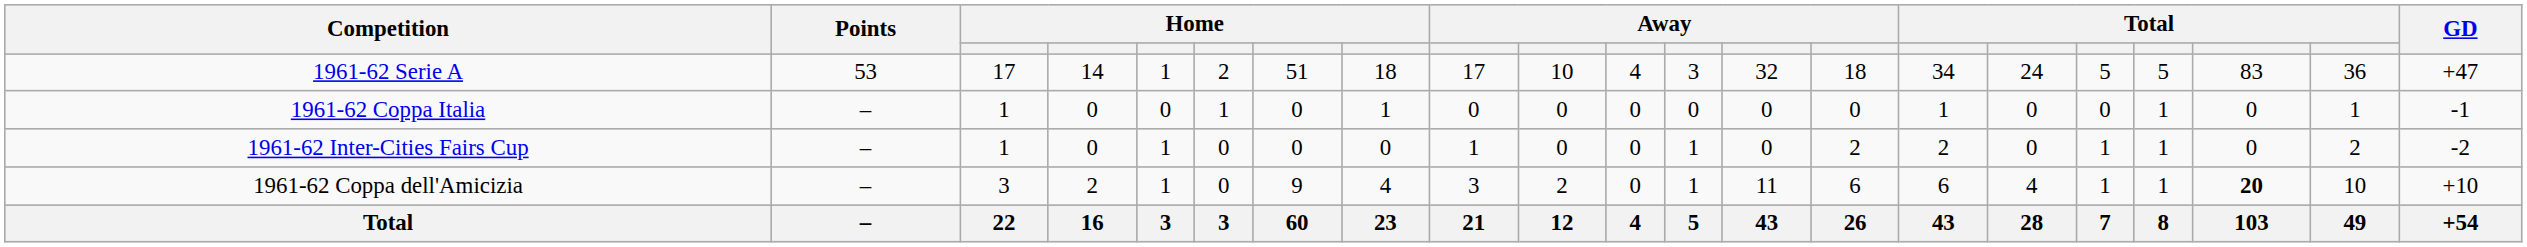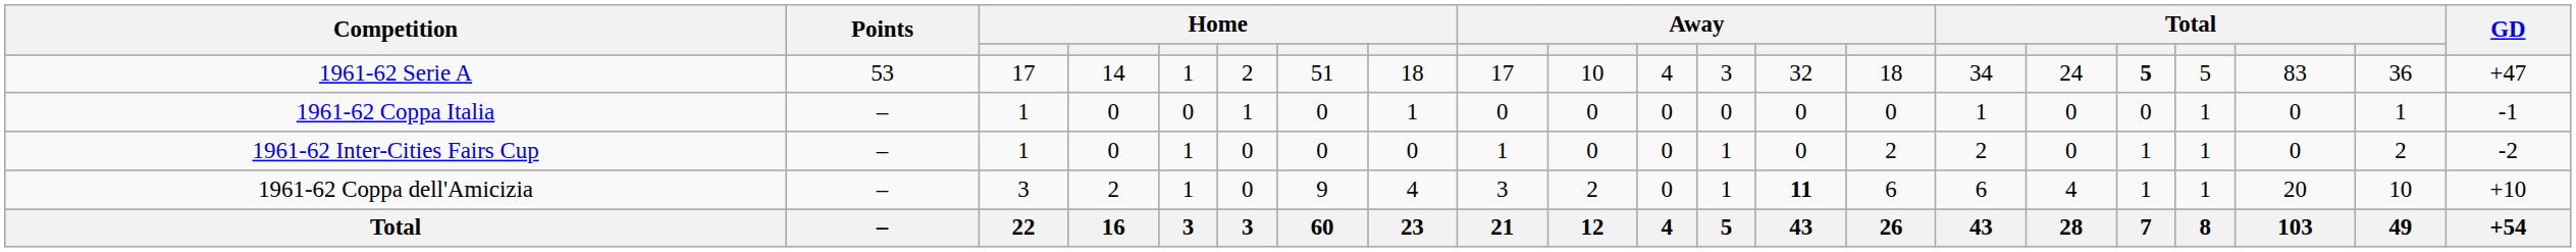 <table class="wikitable" style="font-size:90%;width:100%;margin:auto;clear:both;text-align:center;">
 <tr>
 <th rowspan="2">Competition</th>
 <th rowspan="2">Points</th>
 <th colspan="6">Home</th>
 <th colspan="6">Away</th>
 <th colspan="6">Total</th>
 <th rowspan="2"><a href='#'>GD</a></th>
 </tr>
 <tr>
 <th></th>
 <th></th>
 <th></th>
 <th></th>
 <th></th>
 <th></th>
 <th></th>
 <th></th>
 <th></th>
 <th></th>
 <th></th>
 <th></th>
 <th></th>
 <th></th>
 <th></th>
 <th></th>
 <th></th>
 <th></th>
 </tr>
 <tr>
 <td><a href='#'>1961-62 Serie A</a></td>
 <td>53</td>
 <td>17</td>
 <td>14</td>
 <td>1</td>
 <td>2</td>
 <td>51</td>
 <td>18</td>
 <td>17</td>
 <td>10</td>
 <td>4</td>
 <td>3</td>
 <td>32</td>
 <td>18</td>
 <td>34</td>
 <td>24</td>
-<td>5</td>
+<td><strong>5</strong></td>
 <td>5</td>
 <td>83</td>
 <td>36</td>
 <td>+47</td>
 </tr>
 <tr>
 <td><a href='#'>1961-62 Coppa Italia</a></td>
 <td>–</td>
 <td>1</td>
 <td>0</td>
 <td>0</td>
 <td>1</td>
 <td>0</td>
 <td>1</td>
 <td>0</td>
 <td>0</td>
 <td>0</td>
 <td>0</td>
 <td>0</td>
 <td>0</td>
 <td>1</td>
 <td>0</td>
 <td>0</td>
 <td>1</td>
 <td>0</td>
 <td>1</td>
 <td>-1</td>
 </tr>
 <tr>
 <td><a href='#'>1961-62 Inter-Cities Fairs Cup</a></td>
 <td>–</td>
 <td>1</td>
 <td>0</td>
 <td>1</td>
 <td>0</td>
 <td>0</td>
 <td>0</td>
 <td>1</td>
 <td>0</td>
 <td>0</td>
 <td>1</td>
 <td>0</td>
 <td>2</td>
 <td>2</td>
 <td>0</td>
 <td>1</td>
 <td>1</td>
 <td>0</td>
 <td>2</td>
 <td>-2</td>
 </tr>
 <tr>
 <td>1961-62 Coppa dell'Amicizia</td>
 <td>–</td>
 <td>3</td>
 <td>2</td>
 <td>1</td>
 <td>0</td>
 <td>9</td>
 <td>4</td>
 <td>3</td>
 <td>2</td>
 <td>0</td>
 <td>1</td>
-<td>11</td>
+<td><strong>11</strong></td>
 <td>6</td>
 <td>6</td>
 <td>4</td>
 <td>1</td>
 <td>1</td>
-<td><strong>20</strong></td>
+<td>20</td>
 <td>10</td>
 <td>+10</td>
 </tr>
 <tr>
 <th>Total</th>
 <th>–</th>
 <th>22</th>
 <th>16</th>
 <th>3</th>
 <th>3</th>
 <th>60</th>
 <th>23</th>
 <th>21</th>
 <th>12</th>
 <th>4</th>
 <th>5</th>
 <th>43</th>
 <th>26</th>
 <th>43</th>
 <th>28</th>
 <th>7</th>
 <th>8</th>
 <th>103</th>
 <th>49</th>
 <th>+54</th>
 </tr>
 </table>
